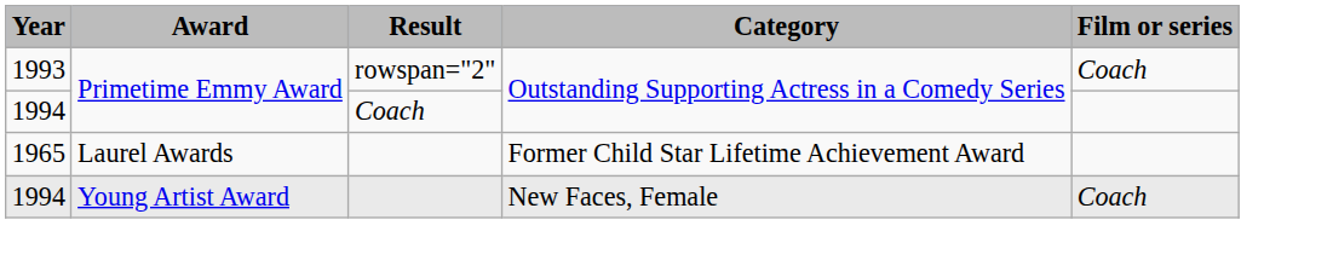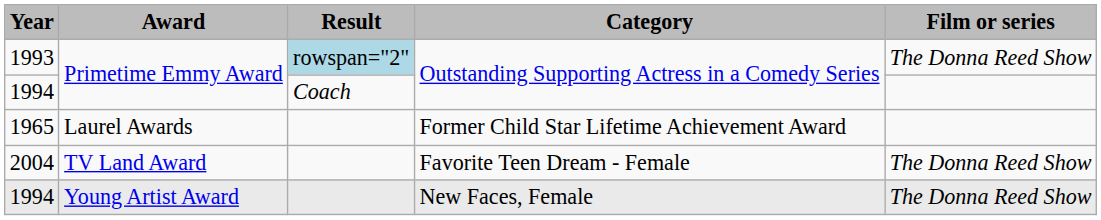 <table class="wikitable">
 <tr style="background:#b0c4de; text-align:center;">
 <th style="background:#bcbcbc;">Year</th>
 <th style="background:#bcbcbc;">Award</th>
 <th style="background:#bcbcbc;">Result</th>
 <th style="background:#bcbcbc;">Category</th>
 <th style="background:#bcbcbc;">Film or series</th>
 </tr>
 <tr>
 <td>1993</td>
 <td rowspan=2><a href='#'>Primetime Emmy Award</a></td>
-<td>rowspan="2" </td>
+<td style="background: lightblue;">rowspan="2" </td>
 <td rowspan=2><a href='#'>Outstanding Supporting Actress in a Comedy Series</a></td>
-<td><em>Coach</em></td>
+<td><em>The Donna Reed Show</em></td>
 </tr>
 <tr>
 <td>1994</td>
 <td><em>Coach</em></td>
 </tr>
 <tr>
 <td>1965</td>
 <td>Laurel Awards</td>
 <td></td>
 <td>Former Child Star Lifetime Achievement Award</td>
 <td></td>
 </tr>
+<tr>
+<td>2004</td>
+<td><a href='#'>TV Land Award</a></td>
+<td></td>
+<td>Favorite Teen Dream - Female</td>
+<td><em>The Donna Reed Show</em></td>
+</tr>
 <tr style="background:#eaeaea;">
 <td>1994</td>
 <td><a href='#'>Young Artist Award</a></td>
 <td></td>
 <td>New Faces, Female</td>
-<td><em>Coach</em></td>
+<td><em>The Donna Reed Show</em></td>
 </tr>
 </table>
